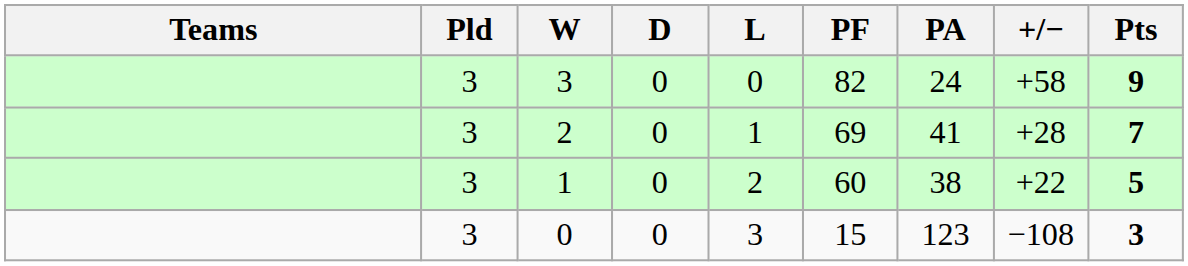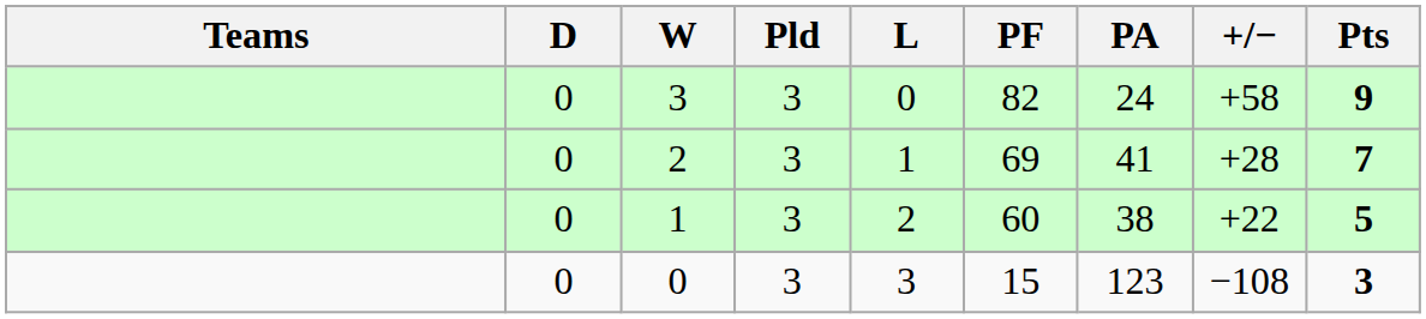 <table class="wikitable" style="text-align: center;">
 <tr>
 <th width="200">Teams</th>
+<th width="40">D</th>
+<th width="40">W</th>
 <th width="40">Pld</th>
-<th width="40">W</th>
-<th width="40">D</th>
 <th width="40">L</th>
 <th width="40">PF</th>
 <th width="40">PA</th>
 <th width="40">+/−</th>
 <th width="40">Pts</th>
 </tr>
 <tr bgcolor=ccffcc>
 <td align=left></td>
+<td>0</td>
 <td>3</td>
 <td>3</td>
-<td>0</td>
 <td>0</td>
 <td>82</td>
 <td>24</td>
 <td>+58</td>
 <td><strong>9</strong></td>
 </tr>
 <tr bgcolor=ccffcc>
 <td align=left></td>
+<td>0</td>
+<td>2</td>
 <td>3</td>
-<td>2</td>
-<td>0</td>
 <td>1</td>
 <td>69</td>
 <td>41</td>
 <td>+28</td>
 <td><strong>7</strong></td>
 </tr>
 <tr bgcolor=ccffcc>
 <td align=left></td>
+<td>0</td>
+<td>1</td>
 <td>3</td>
-<td>1</td>
-<td>0</td>
 <td>2</td>
 <td>60</td>
 <td>38</td>
 <td>+22</td>
 <td><strong>5</strong></td>
 </tr>
 <tr>
 <td align=left></td>
-<td>3</td>
 <td>0</td>
 <td>0</td>
+<td>3</td>
 <td>3</td>
 <td>15</td>
 <td>123</td>
 <td>−108</td>
 <td><strong>3</strong></td>
 </tr>
 </table>
